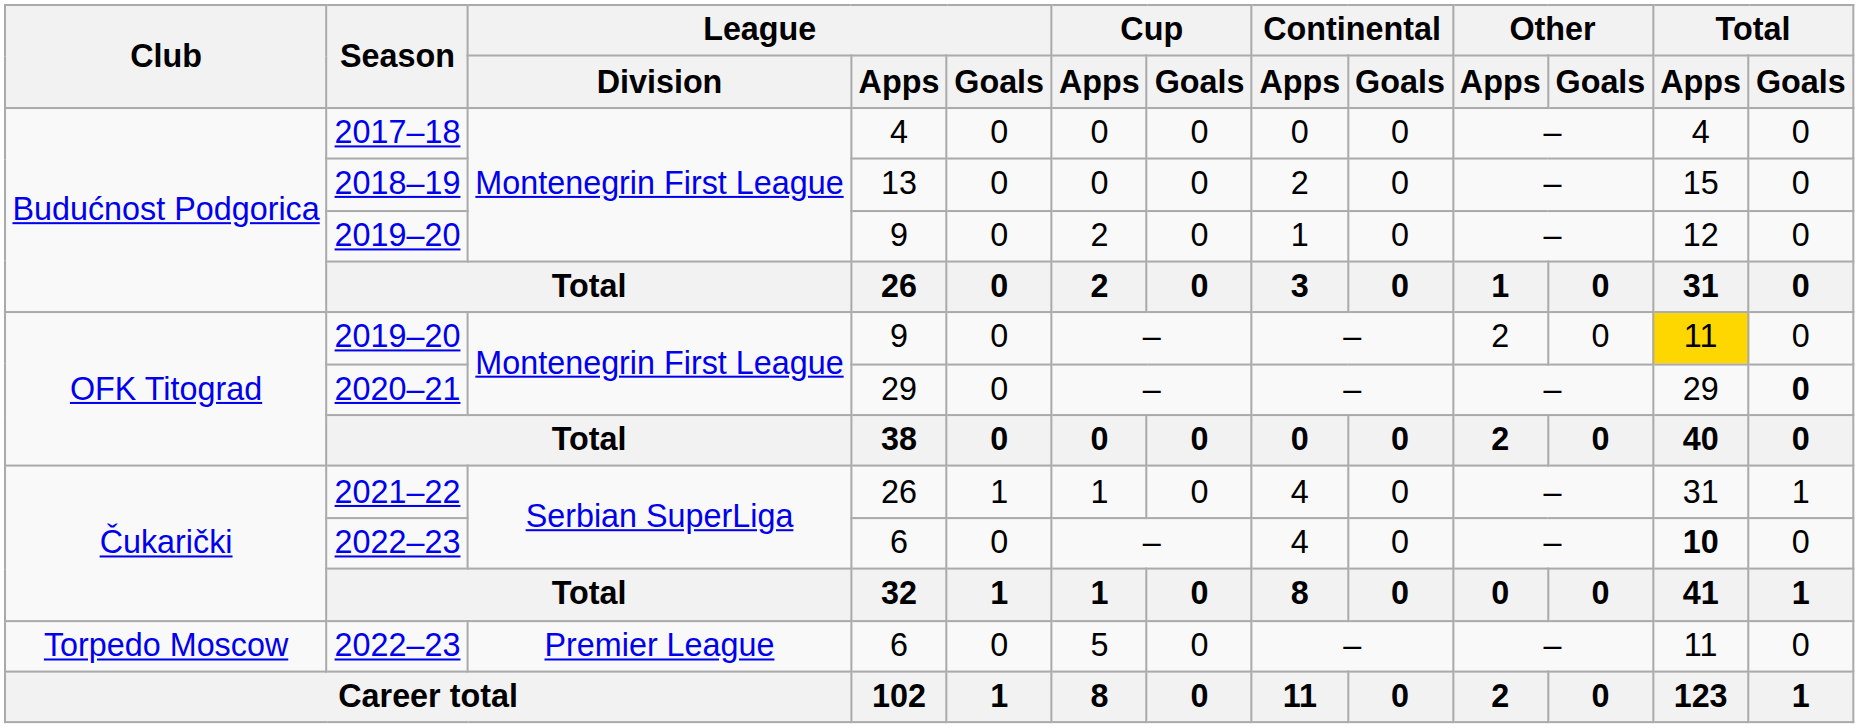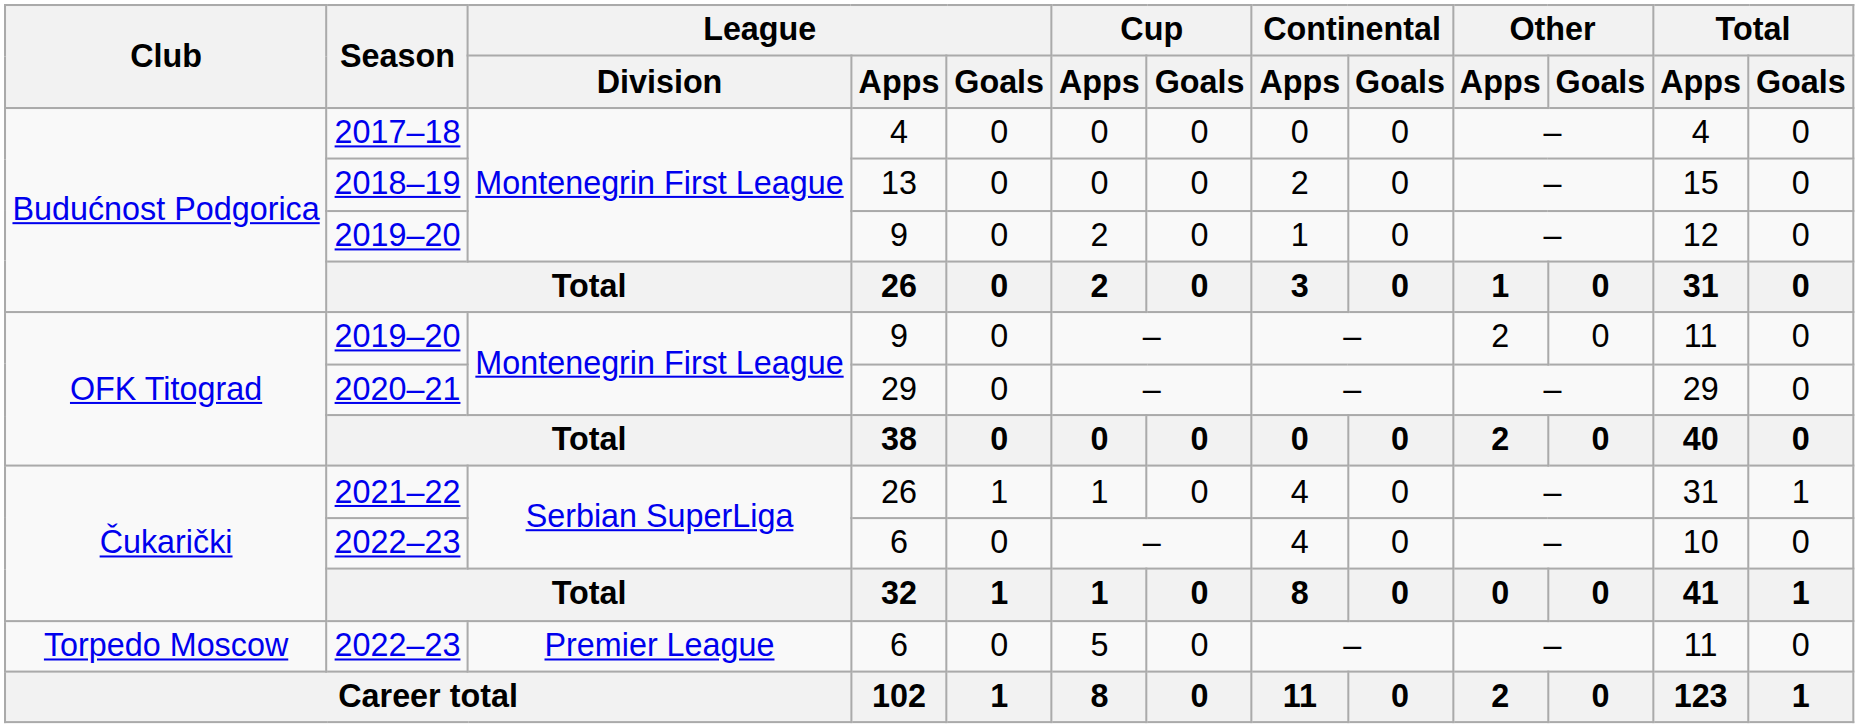 <table class="wikitable" style="text-align:center">
 <tr>
 <th rowspan=2>Club</th>
 <th rowspan=2>Season</th>
 <th colspan=3>League</th>
 <th colspan=2>Cup</th>
 <th colspan=2>Continental</th>
 <th colspan=2>Other</th>
 <th colspan=2>Total</th>
 </tr>
 <tr>
 <th>Division</th>
 <th>Apps</th>
 <th>Goals</th>
 <th>Apps</th>
 <th>Goals</th>
 <th>Apps</th>
 <th>Goals</th>
 <th>Apps</th>
 <th>Goals</th>
 <th>Apps</th>
 <th>Goals</th>
 </tr>
 <tr>
 <td rowspan="4"><a href='#'>Budućnost Podgorica</a></td>
 <td><a href='#'>2017–18</a></td>
 <td rowspan="3"><a href='#'>Montenegrin First League</a></td>
 <td>4</td>
 <td>0</td>
 <td>0</td>
 <td>0</td>
 <td>0</td>
 <td>0</td>
 <td colspan=2>–</td>
 <td>4</td>
 <td>0</td>
 </tr>
 <tr>
 <td><a href='#'>2018–19</a></td>
 <td>13</td>
 <td>0</td>
 <td>0</td>
 <td>0</td>
 <td>2</td>
 <td>0</td>
 <td colspan=2>–</td>
 <td>15</td>
 <td>0</td>
 </tr>
 <tr>
 <td><a href='#'>2019–20</a></td>
 <td>9</td>
 <td>0</td>
 <td>2</td>
 <td>0</td>
 <td>1</td>
 <td>0</td>
 <td colspan=2>–</td>
 <td>12</td>
 <td>0</td>
 </tr>
 <tr>
 <th colspan=2>Total</th>
 <th>26</th>
 <th>0</th>
 <th>2</th>
 <th>0</th>
 <th>3</th>
 <th>0</th>
 <th>1</th>
 <th>0</th>
 <th>31</th>
 <th>0</th>
 </tr>
 <tr>
 <td rowspan="3"><a href='#'>OFK Titograd</a></td>
 <td><a href='#'>2019–20</a></td>
 <td rowspan="2"><a href='#'>Montenegrin First League</a></td>
 <td>9</td>
 <td>0</td>
 <td colspan=2>–</td>
 <td colspan=2>–</td>
 <td>2</td>
 <td>0</td>
-<td style="background: gold;">11</td>
+<td>11</td>
 <td>0</td>
 </tr>
 <tr>
 <td><a href='#'>2020–21</a></td>
 <td>29</td>
 <td>0</td>
 <td colspan=2>–</td>
 <td colspan=2>–</td>
 <td colspan=2>–</td>
 <td>29</td>
-<td><strong>0</strong></td>
+<td>0</td>
 </tr>
 <tr>
 <th colspan=2>Total</th>
 <th>38</th>
 <th>0</th>
 <th>0</th>
 <th>0</th>
 <th>0</th>
 <th>0</th>
 <th>2</th>
 <th>0</th>
 <th>40</th>
 <th>0</th>
 </tr>
 <tr>
 <td rowspan="3"><a href='#'>Čukarički</a></td>
 <td><a href='#'>2021–22</a></td>
 <td rowspan="2"><a href='#'>Serbian SuperLiga</a></td>
 <td>26</td>
 <td>1</td>
 <td>1</td>
 <td>0</td>
 <td>4</td>
 <td>0</td>
 <td colspan=2>–</td>
 <td>31</td>
 <td>1</td>
 </tr>
 <tr>
 <td><a href='#'>2022–23</a></td>
 <td>6</td>
 <td>0</td>
 <td colspan=2>–</td>
 <td>4</td>
 <td>0</td>
 <td colspan=2>–</td>
-<td><strong>10</strong></td>
+<td>10</td>
 <td>0</td>
 </tr>
 <tr>
 <th colspan=2>Total</th>
 <th>32</th>
 <th>1</th>
 <th>1</th>
 <th>0</th>
 <th>8</th>
 <th>0</th>
 <th>0</th>
 <th>0</th>
 <th>41</th>
 <th>1</th>
 </tr>
 <tr>
 <td><a href='#'>Torpedo Moscow</a></td>
 <td><a href='#'>2022–23</a></td>
 <td><a href='#'>Premier League</a></td>
 <td>6</td>
 <td>0</td>
 <td>5</td>
 <td>0</td>
 <td colspan=2>–</td>
 <td colspan=2>–</td>
 <td>11</td>
 <td>0</td>
 </tr>
 <tr>
 <th colspan=3>Career total</th>
 <th>102</th>
 <th>1</th>
 <th>8</th>
 <th>0</th>
 <th>11</th>
 <th>0</th>
 <th>2</th>
 <th>0</th>
 <th>123</th>
 <th>1</th>
 </tr>
 </table>
